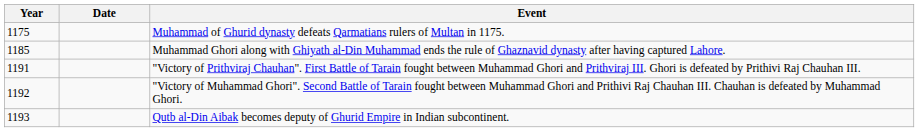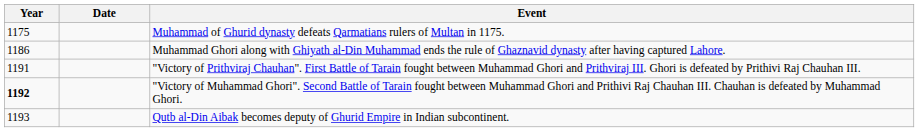 <table class="wikitable" style="width:100%">
 <tr>
 <th style="width:6%">Year</th>
 <th style="width:10%">Date</th>
 <th>Event</th>
 </tr>
 <tr>
 <td>1175</td>
 <td></td>
 <td><a href='#'>Muhammad</a> of <a href='#'>Ghurid dynasty</a> defeats <a href='#'>Qarmatians</a> rulers of <a href='#'>Multan</a> in 1175.</td>
 </tr>
 <tr>
-<td>1185</td>
+<td>1186</td>
 <td></td>
 <td>Muhammad Ghori along with <a href='#'>Ghiyath al-Din Muhammad</a> ends the rule of <a href='#'>Ghaznavid dynasty</a> after having captured <a href='#'>Lahore</a>.</td>
 </tr>
 <tr>
 <td>1191</td>
 <td></td>
 <td>"Victory of <a href='#'>Prithviraj Chauhan</a>". <a href='#'>First Battle of Tarain</a> fought between Muhammad Ghori and <a href='#'>Prithviraj III</a>. Ghori is defeated by Prithivi Raj Chauhan III.</td>
 </tr>
 <tr>
-<td>1192</td>
+<td><strong>1192</strong></td>
 <td></td>
 <td>"Victory of Muhammad Ghori". <a href='#'>Second Battle of Tarain</a> fought between Muhammad Ghori and Prithivi Raj Chauhan III. Chauhan is defeated by Muhammad Ghori.</td>
 </tr>
 <tr>
 <td>1193</td>
 <td></td>
 <td><a href='#'>Qutb al-Din Aibak</a> becomes deputy of <a href='#'>Ghurid Empire</a> in Indian subcontinent.</td>
 </tr>
 </table>
